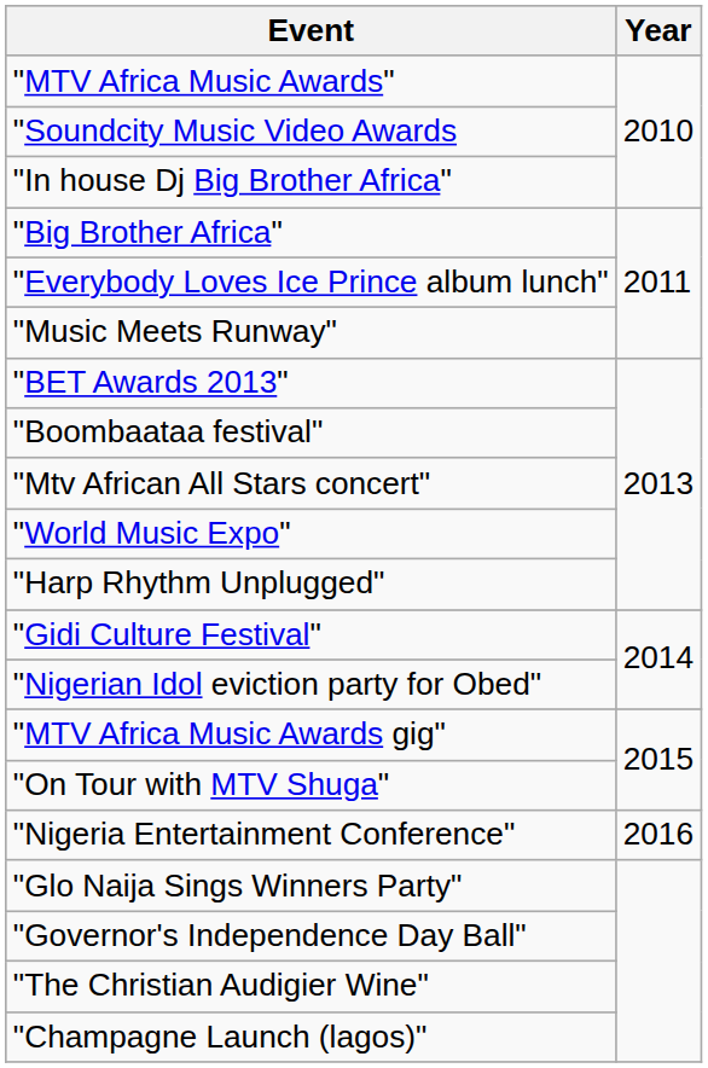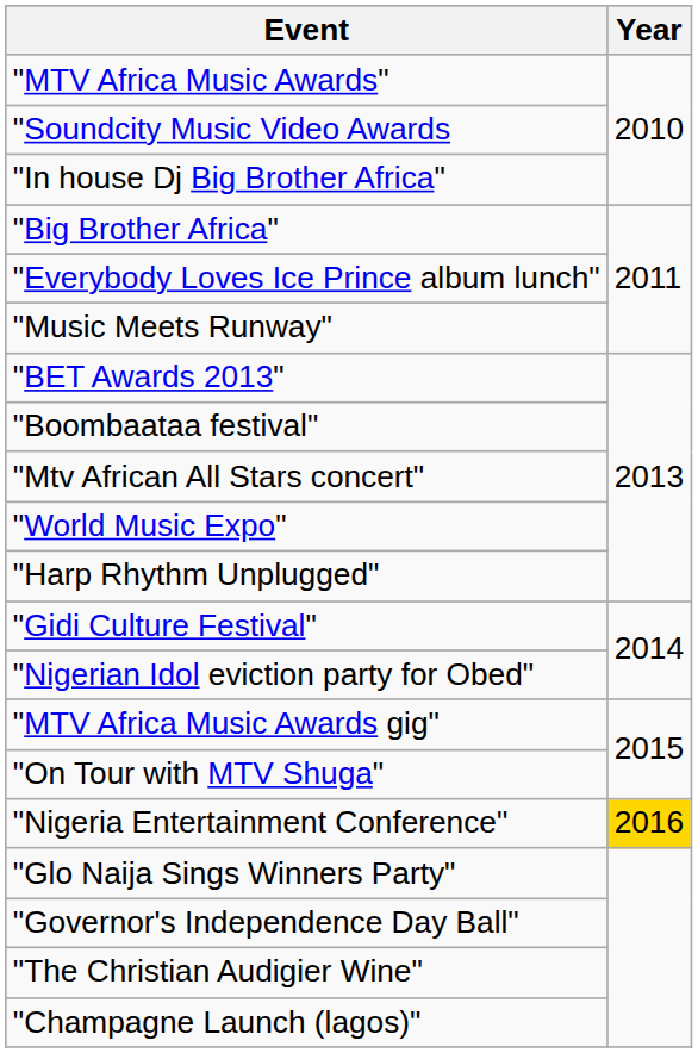 <table class="wikitable">
 <tr>
 <th>Event</th>
 <th>Year</th>
 </tr>
 <tr>
 <td>"<a href='#'>MTV Africa Music Awards</a>"</td>
 <td rowspan="3">2010</td>
 </tr>
 <tr>
 <td>"<a href='#'>Soundcity Music Video Awards</a></td>
 </tr>
 <tr>
 <td>"In house Dj <a href='#'>Big Brother Africa</a>"</td>
 </tr>
 <tr>
 <td>"<a href='#'>Big Brother Africa</a>"</td>
 <td rowspan="3">2011</td>
 </tr>
 <tr>
 <td>"<a href='#'>Everybody Loves Ice Prince</a> album lunch" </td>
 </tr>
 <tr>
 <td>"Music Meets Runway" </td>
 </tr>
 <tr>
 <td>"<a href='#'>BET Awards 2013</a>" </td>
 <td rowspan="5">2013</td>
 </tr>
 <tr>
 <td>"Boombaataa festival" </td>
 </tr>
 <tr>
 <td>"Mtv African All Stars concert" </td>
 </tr>
 <tr>
 <td>"<a href='#'>World Music Expo</a>" </td>
 </tr>
 <tr>
 <td>"Harp Rhythm Unplugged" </td>
 </tr>
 <tr>
 <td>"<a href='#'>Gidi Culture Festival</a>" </td>
 <td rowspan="2">2014</td>
 </tr>
 <tr>
 <td>"<a href='#'>Nigerian Idol</a> eviction party for Obed" </td>
 </tr>
 <tr>
 <td>"<a href='#'>MTV Africa Music Awards</a> gig" </td>
 <td rowspan="2">2015</td>
 </tr>
 <tr>
 <td>"On Tour with <a href='#'>MTV Shuga</a>" </td>
 </tr>
 <tr>
 <td>"Nigeria Entertainment Conference" </td>
-<td>2016</td>
+<td style="background: gold;">2016</td>
 </tr>
 <tr>
 <td>"Glo Naija Sings Winners Party"</td>
 <td rowspan="4"></td>
 </tr>
 <tr>
 <td>"Governor's Independence Day Ball"</td>
 </tr>
 <tr>
 <td>"The Christian Audigier Wine"</td>
 </tr>
 <tr>
 <td>"Champagne Launch (lagos)"</td>
 </tr>
 </table>
